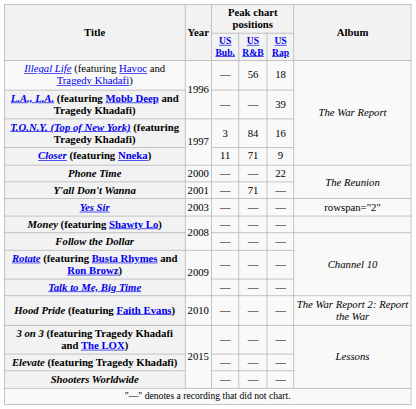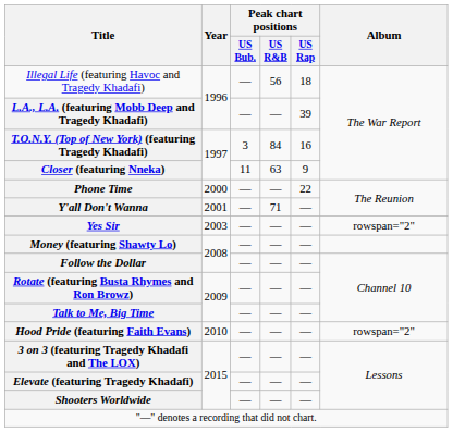 <table class="wikitable plainrowheaders" style="text-align:center;">
 <tr>
 <th scope="col" rowspan="2" style="width:20em;">Title</th>
 <th scope="col" rowspan="2" style="width:1em;">Year</th>
 <th scope="col" colspan="3">Peak chart positions</th>
 <th scope="col" rowspan="2" style="width:12em;">Album</th>
 </tr>
 <tr>
 <th scope="col" style="width:2.5em;font-size:90%;"><a href='#'>US<br>Bub.</a><br></th>
 <th scope="col" style="width:2.5em;font-size:90%;"><a href='#'>US<br>R&B</a><br></th>
 <th scope="col" style="width:2.5em;font-size:90%;"><a href='#'>US<br>Rap</a><br></th>
 </tr>
 <tr>
 <td><em><a href='#'>Illegal Life</a></em><span> (featuring <a href='#'>Havoc</a> and <a href='#'>Tragedy Khadafi</a>)</span></td>
 <td rowspan="2">1996</td>
 <td>—</td>
 <td>56</td>
 <td>18</td>
 <td rowspan="4"><em>The War Report</em></td>
 </tr>
 <tr>
 <th scope="row"><em><a href='#'>L.A., L.A.</a></em><span> (featuring <a href='#'>Mobb Deep</a> and Tragedy Khadafi)</span></th>
 <td>—</td>
 <td>—</td>
 <td>39</td>
 </tr>
 <tr>
 <th scope="row"><em><a href='#'>T.O.N.Y. (Top of New York)</a></em><span> (featuring Tragedy Khadafi)</span></th>
 <td rowspan="2">1997</td>
 <td>3</td>
 <td>84</td>
 <td>16</td>
 </tr>
 <tr>
 <th scope="row"><em><a href='#'>Closer</a></em><span> (featuring <a href='#'>Nneka</a>)</span></th>
 <td>11</td>
-<td>71</td>
+<td>63</td>
 <td>9</td>
 </tr>
 <tr>
 <th scope="row"><em>Phone Time</em></th>
 <td>2000</td>
 <td>—</td>
 <td>—</td>
 <td>22</td>
 <td rowspan="2"><em>The Reunion</em></td>
 </tr>
 <tr>
 <th scope="row"><em>Y'all Don't Wanna</em></th>
 <td>2001</td>
 <td>—</td>
 <td>71</td>
 <td>—</td>
 </tr>
 <tr>
 <th scope="row"><em><a href='#'>Yes Sir</a></em></th>
 <td>2003</td>
 <td>—</td>
 <td>—</td>
 <td>—</td>
 <td>rowspan="2" </td>
 </tr>
 <tr>
 <th scope="row"><em>Money</em><span> (featuring <a href='#'>Shawty Lo</a>)</span></th>
 <td rowspan="2">2008</td>
 <td>—</td>
 <td>—</td>
 <td>—</td>
 </tr>
 <tr>
 <th scope="row"><em>Follow the Dollar</em></th>
 <td>—</td>
 <td>—</td>
 <td>—</td>
 <td rowspan="3"><em>Channel 10</em></td>
 </tr>
 <tr>
 <th scope="row"><em><a href='#'>Rotate</a></em><span> (featuring <a href='#'>Busta Rhymes</a> and <a href='#'>Ron Browz</a>)</span></th>
 <td rowspan="2">2009</td>
 <td>—</td>
 <td>—</td>
 <td>—</td>
 </tr>
 <tr>
 <th scope="row"><em><a href='#'>Talk to Me, Big Time</a></em> </th>
 <td>—</td>
 <td>—</td>
 <td>—</td>
 </tr>
 <tr>
 <th scope="row"><em>Hood Pride</em><span> (featuring <a href='#'>Faith Evans</a>)</span></th>
 <td>2010</td>
 <td>—</td>
 <td>—</td>
 <td>—</td>
-<td><em>The War Report 2: Report the War</em></td>
+<td>rowspan="2" </td>
 </tr>
 <tr>
 <th scope="row"><em>3 on 3</em><span> (featuring Tragedy Khadafi and <a href='#'>The LOX</a>)</span></th>
 <td rowspan="3">2015</td>
 <td>—</td>
 <td>—</td>
 <td>—</td>
 <td rowspan="3"><em>Lessons</em></td>
 </tr>
 <tr>
 <th scope="row"><em>Elevate</em><span> (featuring Tragedy Khadafi)</span></th>
 <td>—</td>
 <td>—</td>
 <td>—</td>
 </tr>
 <tr>
 <th scope="row"><em>Shooters Worldwide</em></th>
 <td>—</td>
 <td>—</td>
 <td>—</td>
 </tr>
 <tr>
 <td colspan="14" style="font-size:90%">"—" denotes a recording that did not chart.</td>
 </tr>
 </table>
